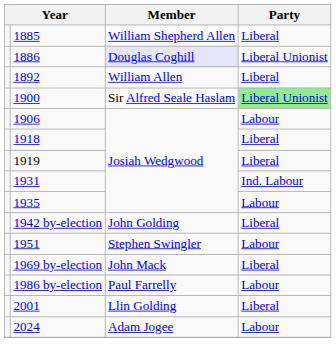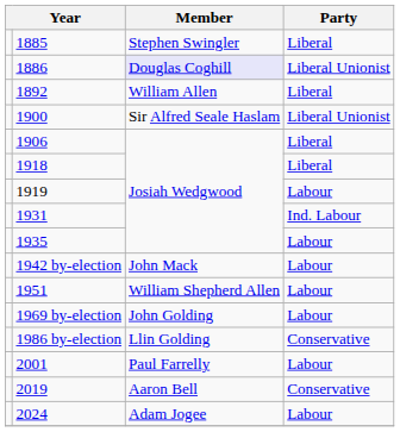 <table class="wikitable">
 <tr>
 <th colspan="2">Year</th>
 <th>Member</th>
 <th>Party</th>
 </tr>
 <tr>
 <td style="color:inherit;background-color: "></td>
 <td><a href='#'>1885</a></td>
-<td><a href='#'>William Shepherd Allen</a></td>
+<td><a href='#'>Stephen Swingler</a></td>
 <td><a href='#'>Liberal</a></td>
 </tr>
 <tr>
 <td style="color:inherit;background-color: "></td>
 <td><a href='#'>1886</a></td>
 <td style="background: lavender;"><a href='#'>Douglas Coghill</a></td>
 <td><a href='#'>Liberal Unionist</a></td>
 </tr>
 <tr>
 <td style="color:inherit;background-color: "></td>
 <td><a href='#'>1892</a></td>
 <td><a href='#'>William Allen</a></td>
 <td><a href='#'>Liberal</a></td>
 </tr>
 <tr>
 <td style="color:inherit;background-color: "></td>
 <td><a href='#'>1900</a></td>
 <td>Sir <a href='#'>Alfred Seale Haslam</a></td>
-<td style="background: lightgreen;"><a href='#'>Liberal Unionist</a></td>
+<td><a href='#'>Liberal Unionist</a></td>
 </tr>
 <tr>
 <td style="color:inherit;background-color: "></td>
 <td><a href='#'>1906</a></td>
 <td rowspan="5"><a href='#'>Josiah Wedgwood</a></td>
-<td><a href='#'>Labour</a></td>
+<td><a href='#'>Liberal</a></td>
 </tr>
 <tr>
 <td style="color:inherit;background-color: "></td>
 <td><a href='#'>1918</a></td>
 <td><a href='#'>Liberal</a></td>
 </tr>
 <tr>
 <td style="color:inherit;background-color: "></td>
 <td>1919</td>
-<td><a href='#'>Liberal</a></td>
+<td><a href='#'>Labour</a></td>
 </tr>
 <tr>
 <td style="color:inherit;background-color: "></td>
 <td><a href='#'>1931</a></td>
 <td><a href='#'>Ind. Labour</a></td>
 </tr>
 <tr>
 <td style="color:inherit;background-color: "></td>
 <td><a href='#'>1935</a></td>
 <td><a href='#'>Labour</a></td>
 </tr>
 <tr>
 <td style="color:inherit;background-color: "></td>
 <td><a href='#'>1942 by-election</a></td>
-<td><a href='#'>John Golding</a></td>
-<td><a href='#'>Liberal</a></td>
+<td><a href='#'>John Mack</a></td>
+<td><a href='#'>Labour</a></td>
 </tr>
 <tr>
 <td style="color:inherit;background-color: "></td>
 <td><a href='#'>1951</a></td>
-<td><a href='#'>Stephen Swingler</a></td>
+<td><a href='#'>William Shepherd Allen</a></td>
 <td><a href='#'>Labour</a></td>
 </tr>
 <tr>
 <td style="color:inherit;background-color: "></td>
 <td><a href='#'>1969 by-election</a></td>
-<td><a href='#'>John Mack</a></td>
-<td><a href='#'>Liberal</a></td>
+<td><a href='#'>John Golding</a></td>
+<td><a href='#'>Labour</a></td>
 </tr>
 <tr>
 <td style="color:inherit;background-color: "></td>
 <td><a href='#'>1986 by-election</a></td>
+<td><a href='#'>Llin Golding</a></td>
+<td><a href='#'>Conservative</a></td>
+</tr>
+<tr>
+<td style="color:inherit;background-color: "></td>
+<td><a href='#'>2001</a></td>
 <td><a href='#'>Paul Farrelly</a></td>
 <td><a href='#'>Labour</a></td>
 </tr>
 <tr>
 <td style="color:inherit;background-color: "></td>
-<td><a href='#'>2001</a></td>
-<td><a href='#'>Llin Golding</a></td>
-<td><a href='#'>Liberal</a></td>
+<td><a href='#'>2019</a></td>
+<td><a href='#'>Aaron Bell</a></td>
+<td><a href='#'>Conservative</a></td>
 </tr>
 <tr>
 <td style="color:inherit;background-color: "></td>
 <td><a href='#'>2024</a></td>
 <td><a href='#'>Adam Jogee</a></td>
 <td><a href='#'>Labour</a></td>
 </tr>
 <tr>
 </tr>
 </table>
